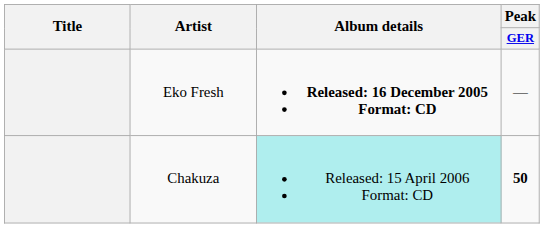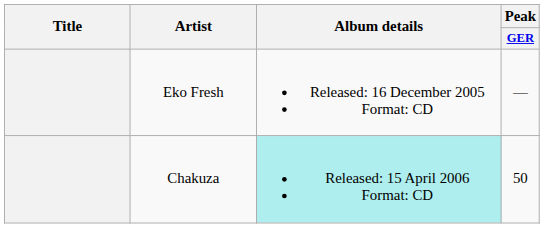 <table class="wikitable plainrowheaders" style="text-align:center;">
 <tr>
 <th scope="col" rowspan="2" style="width:8em;">Title</th>
 <th scope="col" rowspan="2" style="width:8em;">Artist</th>
 <th scope="col" rowspan="2" style="width:16em;">Album details</th>
 <th scope="col" colspan="3">Peak</th>
 </tr>
 <tr>
 <th style="width:2.5em; font-size:85%"><a href='#'>GER</a><br></th>
 </tr>
 <tr>
 <th scope="row"><em></em></th>
 <td>Eko Fresh</td>
-<td><strong><br><ul><li>Released: 16 December 2005</li><li>Format: CD</li></ul></strong></td>
+<td><br><ul><li>Released: 16 December 2005</li><li>Format: CD</li></ul></td>
 <td>—</td>
 </tr>
 <tr>
 <th scope="row"><em></em></th>
 <td>Chakuza</td>
 <td style="background: paleturquoise;"><br><ul><li>Released: 15 April 2006</li><li>Format: CD</li></ul></td>
-<td><strong>50</strong></td>
+<td>50</td>
 </tr>
 </table>
